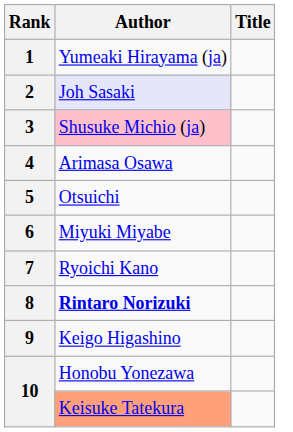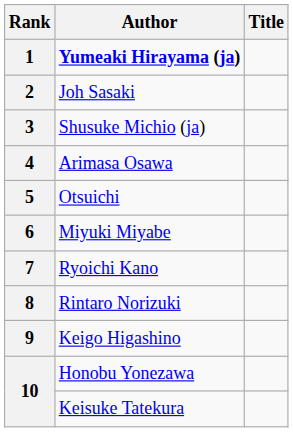 <table class="wikitable sortable" style="font-size:1.00em; line-height:1.5em;">
 <tr>
 <th>Rank</th>
 <th>Author</th>
 <th>Title</th>
 </tr>
 <tr>
 <th>1</th>
-<td><a href='#'>Yumeaki Hirayama</a> (<a href='#'>ja</a>)</td>
+<td><strong><a href='#'>Yumeaki Hirayama</a> (<a href='#'>ja</a>)</strong></td>
 <td></td>
 </tr>
 <tr>
 <th>2</th>
-<td style="background: lavender;"><a href='#'>Joh Sasaki</a></td>
+<td><a href='#'>Joh Sasaki</a></td>
 <td></td>
 </tr>
 <tr>
 <th>3</th>
-<td style="background: pink;"><a href='#'>Shusuke Michio</a> (<a href='#'>ja</a>)</td>
+<td><a href='#'>Shusuke Michio</a> (<a href='#'>ja</a>)</td>
 <td></td>
 </tr>
 <tr>
 <th>4</th>
 <td><a href='#'>Arimasa Osawa</a></td>
 <td></td>
 </tr>
 <tr>
 <th>5</th>
 <td><a href='#'>Otsuichi</a></td>
 <td></td>
 </tr>
 <tr>
 <th>6</th>
 <td><a href='#'>Miyuki Miyabe</a></td>
 <td></td>
 </tr>
 <tr>
 <th>7</th>
 <td><a href='#'>Ryoichi Kano</a></td>
 <td></td>
 </tr>
 <tr>
 <th>8</th>
-<td><strong><a href='#'>Rintaro Norizuki</a></strong></td>
+<td><a href='#'>Rintaro Norizuki</a></td>
 <td></td>
 </tr>
 <tr>
 <th>9</th>
 <td><a href='#'>Keigo Higashino</a></td>
 <td></td>
 </tr>
 <tr>
 <th rowspan="2">10</th>
 <td><a href='#'>Honobu Yonezawa</a></td>
 <td></td>
 </tr>
 <tr>
-<td style="background: lightsalmon;"><a href='#'>Keisuke Tatekura</a></td>
+<td><a href='#'>Keisuke Tatekura</a></td>
 <td></td>
 </tr>
 </table>
